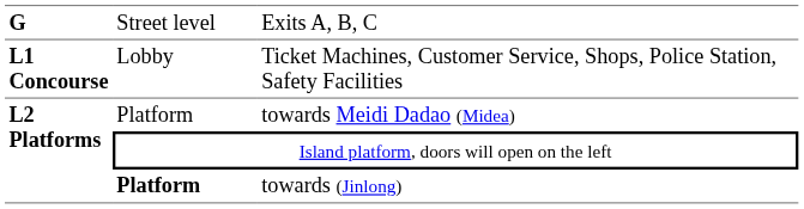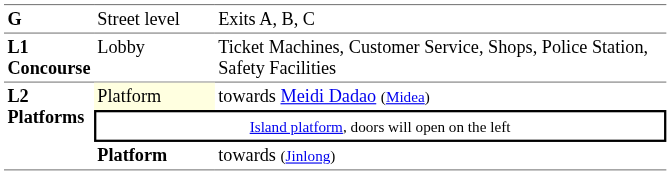 <table table border=0 cellspacing=0 cellpadding=3>
 <tr>
 <td style="border-top:solid 1px gray;" width=50 valign=top><strong>G</strong></td>
 <td style="border-top:solid 1px gray;" width=100 valign=top>Street level</td>
 <td style="border-top:solid 1px gray;" width=390 valign=top>Exits A, B, C</td>
 </tr>
 <tr>
 <td style="border-bottom:solid 1px gray; border-top:solid 1px gray;" valign=top><strong>L1<br>Concourse</strong></td>
 <td style="border-bottom:solid 1px gray; border-top:solid 1px gray;" valign=top>Lobby</td>
 <td style="border-bottom:solid 1px gray; border-top:solid 1px gray;" valign=top>Ticket Machines, Customer Service, Shops, Police Station, Safety Facilities</td>
 </tr>
 <tr>
 <td style="border-bottom:solid 1px gray;" rowspan=3 valign=top><strong>L2<br>Platforms</strong></td>
-<td>Platform </td>
+<td style="background: lightyellow;">Platform </td>
 <td>   towards <a href='#'>Meidi Dadao</a> <small>(<a href='#'>Midea</a>)</small></td>
 </tr>
 <tr>
 <td style="border-right:solid 2px black;border-left:solid 2px black;border-top:solid 2px black;border-bottom:solid 2px black;text-align:center;" colspan=2><small><a href='#'>Island platform</a>, doors will open on the left</small></td>
 </tr>
 <tr>
 <td style="border-bottom:solid 1px gray;"><strong>Platform </strong></td>
 <td style="border-bottom:solid 1px gray;">  towards  <small>(<a href='#'>Jinlong</a>)</small> </td>
 </tr>
 </table>
